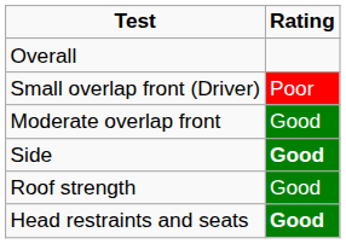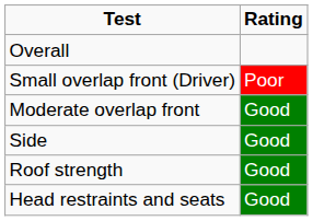 <table class="wikitable">
 <tr>
 <td style="text-align:center;"><strong>Test</strong></td>
 <td style="text-align:center;"><strong>Rating</strong></td>
 </tr>
 <tr>
 <td>Overall</td>
 <td style="text-align:center;"></td>
 </tr>
 <tr>
 <td>Small overlap front (Driver)</td>
 <td style="color:white;background: red">Poor</td>
 </tr>
 <tr>
 <td>Moderate overlap front</td>
 <td style="color:white;background: green">Good</td>
 </tr>
 <tr>
 <td>Side</td>
-<td style="color:white;background: green"><strong>Good</strong></td>
+<td style="color:white;background: green">Good</td>
 </tr>
 <tr>
 <td>Roof strength</td>
 <td style="color:white;background: green">Good</td>
 </tr>
 <tr>
 <td>Head restraints and seats</td>
-<td style="color:white;background: green"><strong>Good</strong></td>
+<td style="color:white;background: green">Good</td>
 </tr>
 </table>
